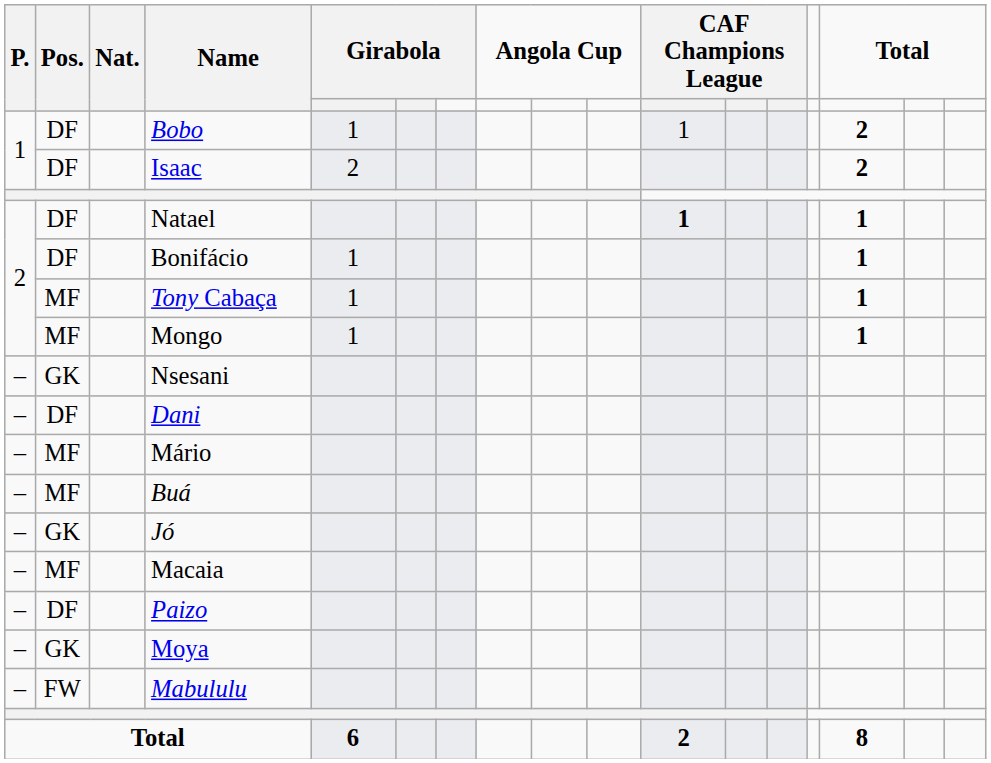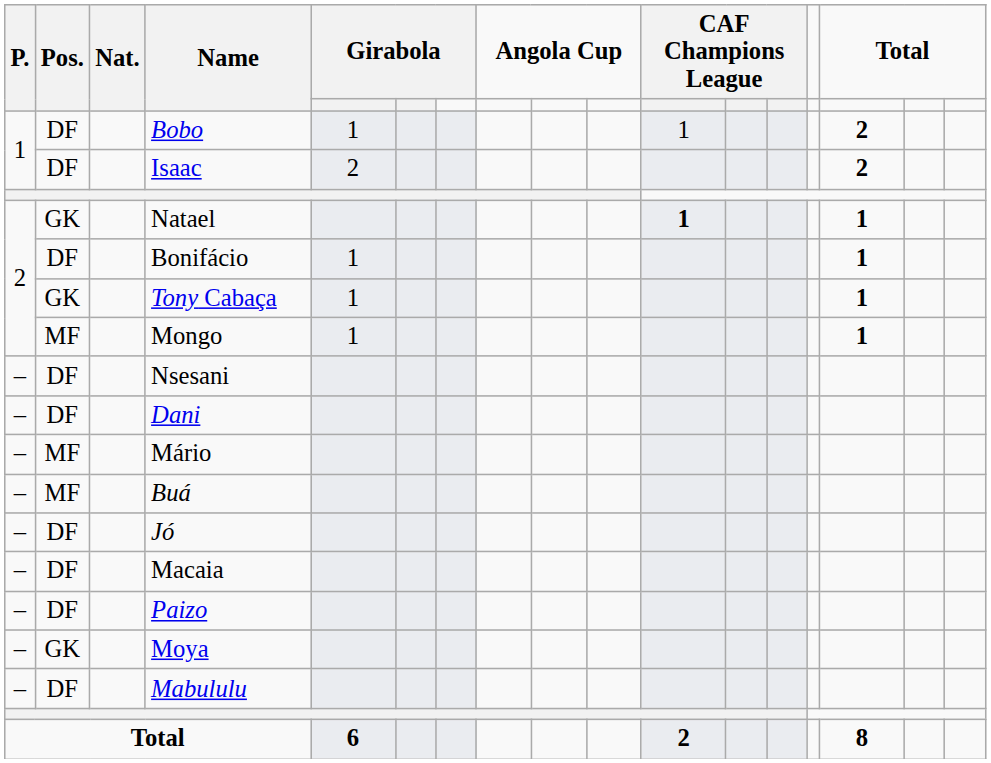 <table class="wikitable sortable" style="text-align:center">
 <tr>
 <th style="text-align:center;" rowspan="2">P.</th>
 <th style="text-align:center;" rowspan="2">Pos.</th>
 <th style="text-align:center;" rowspan="2">Nat.</th>
 <th style="text-align:center; width:100px;" rowspan="2">Name</th>
 <th style="text-align:center; width:100px;" colspan="3">Girabola</th>
 <td style="text-align:center; width:100px;" colspan="3"><strong>Angola Cup</strong></td>
 <th style="text-align:center; width:100px;" colspan="3">CAF Champions League</th>
 <td style="text-align:center; width:1px;"></td>
 <td style="text-align:center; width:100px;" colspan="3"><strong>Total</strong></td>
 </tr>
 <tr>
 <th scope="col" class="unsortable"></th>
 <th scope="col" class="unsortable"></th>
 <td scope="col" class="unsortable"></td>
 <td scope="col" class="unsortable"></td>
 <td scope="col" class="unsortable"></td>
 <td scope="col" class="unsortable"></td>
 <th scope="col" class="unsortable"></th>
 <th scope="col" class="unsortable"></th>
 <th scope="col" class="unsortable"></th>
 <td scope="col" class="unsortable"></td>
 <td scope="col" class="unsortable"></td>
 <td scope="col" class="unsortable"></td>
 <td scope="col" class="unsortable"></td>
 </tr>
 <tr>
 <td rowspan=2>1</td>
 <td data-sort-value="2">DF</td>
 <td></td>
 <td align=left><em><a href='#'>Bobo</a></em></td>
 <td style="background:#eaecf0;">1</td>
 <td style="background:#eaecf0;"></td>
 <td style="background:#eaecf0;"></td>
 <td></td>
 <td></td>
 <td></td>
 <td style="background:#eaecf0;">1</td>
 <td style="background:#eaecf0;"></td>
 <td style="background:#eaecf0;"></td>
 <td></td>
 <td><strong>2</strong></td>
 <td><strong></strong></td>
 <td></td>
 </tr>
 <tr>
 <td data-sort-value="2">DF</td>
 <td></td>
 <td align=left><a href='#'>Isaac</a></td>
 <td style="background:#eaecf0;">2</td>
 <td style="background:#eaecf0;"></td>
 <td style="background:#eaecf0;"></td>
 <td></td>
 <td></td>
 <td></td>
 <td style="background:#eaecf0;"></td>
 <td style="background:#eaecf0;"></td>
 <td style="background:#eaecf0;"></td>
 <td></td>
 <td><strong>2</strong></td>
 <td><strong></strong></td>
 <td></td>
 </tr>
 <tr>
 <th colspan=10></th>
 </tr>
 <tr>
 <td rowspan=4>2</td>
-<td data-sort-value="2">DF</td>
+<td data-sort-value="1">GK</td>
 <td></td>
 <td align=left>Natael</td>
 <td style="background:#eaecf0;"></td>
 <td style="background:#eaecf0;"></td>
 <td style="background:#eaecf0;"></td>
 <td></td>
 <td></td>
 <td></td>
 <td style="background:#eaecf0;"><strong>1</strong></td>
 <td style="background:#eaecf0;"></td>
 <td style="background:#eaecf0;"></td>
 <td></td>
 <td><strong>1</strong></td>
 <td><strong></strong></td>
 <td></td>
 </tr>
 <tr>
 <td data-sort-value="2">DF</td>
 <td></td>
 <td align=left>Bonifácio</td>
 <td style="background:#eaecf0;">1</td>
 <td style="background:#eaecf0;"></td>
 <td style="background:#eaecf0;"></td>
 <td></td>
 <td></td>
 <td></td>
 <td style="background:#eaecf0;"></td>
 <td style="background:#eaecf0;"></td>
 <td style="background:#eaecf0;"></td>
 <td></td>
 <td><strong>1</strong></td>
 <td><strong></strong></td>
 <td></td>
 </tr>
 <tr>
-<td data-sort-value="3">MF</td>
+<td data-sort-value="1">GK</td>
 <td></td>
 <td align=left><a href='#'><em>Tony</em> Cabaça</a></td>
 <td style="background:#eaecf0;">1</td>
 <td style="background:#eaecf0;"></td>
 <td style="background:#eaecf0;"></td>
 <td></td>
 <td></td>
 <td></td>
 <td style="background:#eaecf0;"></td>
 <td style="background:#eaecf0;"></td>
 <td style="background:#eaecf0;"></td>
 <td></td>
 <td><strong>1</strong></td>
 <td><strong></strong></td>
 <td></td>
 </tr>
 <tr>
 <td data-sort-value="3">MF</td>
 <td></td>
 <td align=left>Mongo</td>
 <td style="background:#eaecf0;">1</td>
 <td style="background:#eaecf0;"></td>
 <td style="background:#eaecf0;"></td>
 <td></td>
 <td></td>
 <td></td>
 <td style="background:#eaecf0;"></td>
 <td style="background:#eaecf0;"></td>
 <td style="background:#eaecf0;"></td>
 <td></td>
 <td><strong>1</strong></td>
 <td><strong></strong></td>
 <td></td>
 </tr>
 <tr>
 <td>–</td>
-<td data-sort-value="1">GK</td>
+<td data-sort-value="2">DF</td>
 <td></td>
 <td align=left>Nsesani</td>
 <td style="background:#eaecf0;"></td>
 <td style="background:#eaecf0;"></td>
 <td style="background:#eaecf0;"></td>
 <td></td>
 <td></td>
 <td></td>
 <td style="background:#eaecf0;"></td>
 <td style="background:#eaecf0;"></td>
 <td style="background:#eaecf0;"></td>
 <td></td>
 <td><strong></strong></td>
 <td><strong></strong></td>
 <td></td>
 </tr>
 <tr>
 <td>–</td>
 <td data-sort-value="2">DF</td>
 <td></td>
 <td align=left><em><a href='#'>Dani</a></em></td>
 <td style="background:#eaecf0;"></td>
 <td style="background:#eaecf0;"></td>
 <td style="background:#eaecf0;"></td>
 <td></td>
 <td></td>
 <td></td>
 <td style="background:#eaecf0;"></td>
 <td style="background:#eaecf0;"></td>
 <td style="background:#eaecf0;"></td>
 <td></td>
 <td><strong></strong></td>
 <td><strong></strong></td>
 <td></td>
 </tr>
 <tr>
 <td>–</td>
 <td data-sort-value="3">MF</td>
 <td></td>
 <td align=left>Mário</td>
 <td style="background:#eaecf0;"></td>
 <td style="background:#eaecf0;"></td>
 <td style="background:#eaecf0;"></td>
 <td></td>
 <td></td>
 <td></td>
 <td style="background:#eaecf0;"></td>
 <td style="background:#eaecf0;"></td>
 <td style="background:#eaecf0;"></td>
 <td></td>
 <td><strong></strong></td>
 <td><strong></strong></td>
 <td></td>
 </tr>
 <tr>
 <td>–</td>
 <td data-sort-value="3">MF</td>
 <td></td>
 <td align=left><em>Buá</em></td>
 <td style="background:#eaecf0;"></td>
 <td style="background:#eaecf0;"></td>
 <td style="background:#eaecf0;"></td>
 <td></td>
 <td></td>
 <td></td>
 <td style="background:#eaecf0;"></td>
 <td style="background:#eaecf0;"></td>
 <td style="background:#eaecf0;"></td>
 <td></td>
 <td><strong></strong></td>
 <td><strong></strong></td>
 <td></td>
 </tr>
 <tr>
 <td>–</td>
-<td data-sort-value="1">GK</td>
+<td data-sort-value="2">DF</td>
 <td></td>
 <td align=left><em>Jó</em></td>
 <td style="background:#eaecf0;"></td>
 <td style="background:#eaecf0;"></td>
 <td style="background:#eaecf0;"></td>
 <td></td>
 <td></td>
 <td></td>
 <td style="background:#eaecf0;"></td>
 <td style="background:#eaecf0;"></td>
 <td style="background:#eaecf0;"></td>
 <td></td>
 <td><strong></strong></td>
 <td><strong></strong></td>
 <td></td>
 </tr>
 <tr>
 <td>–</td>
-<td data-sort-value="3">MF</td>
+<td data-sort-value="2">DF</td>
 <td></td>
 <td align=left>Macaia</td>
 <td style="background:#eaecf0;"></td>
 <td style="background:#eaecf0;"></td>
 <td style="background:#eaecf0;"></td>
 <td></td>
 <td></td>
 <td></td>
 <td style="background:#eaecf0;"></td>
 <td style="background:#eaecf0;"></td>
 <td style="background:#eaecf0;"></td>
 <td></td>
 <td><strong></strong></td>
 <td><strong></strong></td>
 <td></td>
 </tr>
 <tr>
 <td>–</td>
 <td data-sort-value="2">DF</td>
 <td></td>
 <td align=left><em><a href='#'>Paizo</a></em></td>
 <td style="background:#eaecf0;"></td>
 <td style="background:#eaecf0;"></td>
 <td style="background:#eaecf0;"></td>
 <td></td>
 <td></td>
 <td></td>
 <td style="background:#eaecf0;"></td>
 <td style="background:#eaecf0;"></td>
 <td style="background:#eaecf0;"></td>
 <td></td>
 <td><strong></strong></td>
 <td><strong></strong></td>
 <td></td>
 </tr>
 <tr>
 <td>–</td>
 <td data-sort-value="1">GK</td>
 <td></td>
 <td align=left><a href='#'>Moya</a></td>
 <td style="background:#eaecf0;"></td>
 <td style="background:#eaecf0;"></td>
 <td style="background:#eaecf0;"></td>
 <td></td>
 <td></td>
 <td></td>
 <td style="background:#eaecf0;"></td>
 <td style="background:#eaecf0;"></td>
 <td style="background:#eaecf0;"></td>
 <td></td>
 <td><strong></strong></td>
 <td><strong></strong></td>
 <td></td>
 </tr>
 <tr>
 <td>–</td>
-<td>FW</td>
+<td data-sort-value="2">DF</td>
 <td></td>
 <td align=left><em><a href='#'>Mabululu</a></em></td>
 <td style="background:#eaecf0;"></td>
 <td style="background:#eaecf0;"></td>
 <td style="background:#eaecf0;"></td>
 <td></td>
 <td></td>
 <td></td>
 <td style="background:#eaecf0;"></td>
 <td style="background:#eaecf0;"></td>
 <td style="background:#eaecf0;"></td>
 <td></td>
 <td><strong></strong></td>
 <td><strong></strong></td>
 <td></td>
 </tr>
 <tr>
 <th colspan=13></th>
 </tr>
 <tr>
 <td colspan=4><strong>Total</strong></td>
 <td style="background:#eaecf0;"><strong>6</strong></td>
 <td style="background:#eaecf0;"></td>
 <td style="background:#eaecf0;"></td>
 <td></td>
 <td></td>
 <td></td>
 <td style="background:#eaecf0;"><strong>2</strong></td>
 <td style="background:#eaecf0;"></td>
 <td style="background:#eaecf0;"></td>
 <td></td>
 <td><strong>8</strong></td>
 <td><strong></strong></td>
 <td></td>
 </tr>
 </table>
